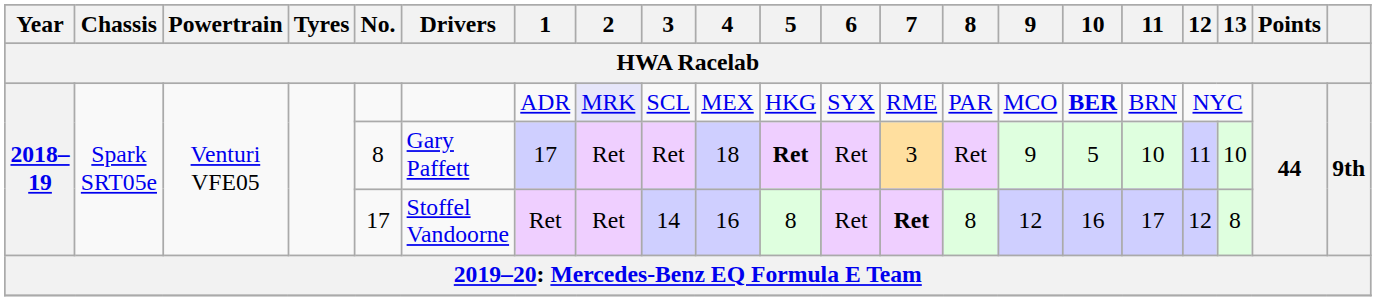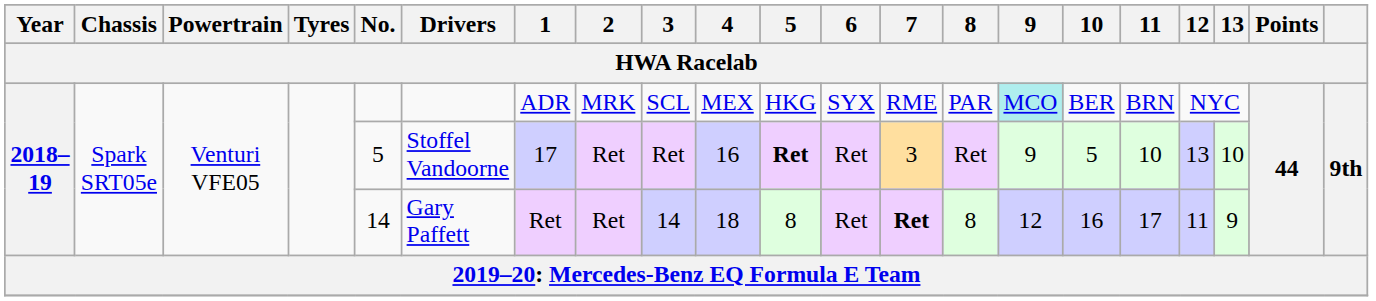 <table class="wikitable" style="font-size: 85%; text-align:center;">
 <tr valign="top">
 <th valign="middle">Year</th>
 <th valign="middle">Chassis</th>
 <th valign="middle">Powertrain</th>
 <th valign="middle">Tyres</th>
 <th valign="middle">No.</th>
 <th valign="middle">Drivers</th>
 <th style="width:26px;">1</th>
 <th style="width:26px;">2</th>
 <th style="width:26px;">3</th>
 <th style="width:26px;">4</th>
 <th style="width:26px;">5</th>
 <th style="width:26px;">6</th>
 <th style="width:26px;">7</th>
 <th style="width:26px;">8</th>
 <th style="width:26px;">9</th>
 <th style="width:26px;">10</th>
 <th style="width:26px;">11</th>
 <th style="width:26px;">12</th>
 <th style="width:26px;">13</th>
 <th valign="middle">Points</th>
 <th></th>
 </tr>
 <tr>
 <th colspan=21>HWA Racelab</th>
 </tr>
 <tr>
 <th rowspan=3><a href='#'>2018–19</a></th>
 <td rowspan=3><a href='#'>Spark</a> <a href='#'>SRT05e</a></td>
 <td rowspan=3><a href='#'>Venturi</a> VFE05</td>
 <td rowspan=3></td>
 <td></td>
 <td></td>
 <td><a href='#'>ADR</a></td>
-<td style="background: lavender;"><a href='#'>MRK</a></td>
+<td><a href='#'>MRK</a></td>
 <td><a href='#'>SCL</a></td>
 <td><a href='#'>MEX</a></td>
 <td><a href='#'>HKG</a></td>
 <td><a href='#'>SYX</a></td>
 <td><a href='#'>RME</a></td>
 <td><a href='#'>PAR</a></td>
-<td><a href='#'>MCO</a></td>
-<td><strong><a href='#'>BER</a></strong></td>
+<td style="background: paleturquoise;"><a href='#'>MCO</a></td>
+<td><a href='#'>BER</a></td>
 <td><a href='#'>BRN</a></td>
 <td colspan=2><a href='#'>NYC</a></td>
 <th rowspan=3>44</th>
 <th rowspan=3>9th</th>
 </tr>
 <tr>
-<td>8</td>
-<td align="left"> <a href='#'>Gary Paffett</a></td>
+<td>5</td>
+<td align="left"> <a href='#'>Stoffel Vandoorne</a></td>
 <td style="background:#CFCFFF;">17</td>
 <td style="background:#EFCFFF;">Ret</td>
 <td style="background:#EFCFFF;">Ret</td>
-<td style="background:#CFCFFF;">18</td>
+<td style="background:#CFCFFF;">16</td>
 <td style="background:#EFCFFF;"><strong>Ret</strong></td>
 <td style="background:#EFCFFF;">Ret</td>
 <td style="background:#FFDF9F;">3</td>
 <td style="background:#EFCFFF;">Ret</td>
 <td style="background:#DFFFDF;">9</td>
 <td style="background:#DFFFDF;">5</td>
 <td style="background:#DFFFDF;">10</td>
-<td style="background:#CFCFFF;">11</td>
+<td style="background:#CFCFFF;">13</td>
 <td style="background:#DFFFDF;">10</td>
 </tr>
 <tr>
-<td>17</td>
-<td align="left"> <a href='#'>Stoffel Vandoorne</a></td>
+<td>14</td>
+<td align="left"> <a href='#'>Gary Paffett</a></td>
 <td style="background:#EFCFFF;">Ret</td>
 <td style="background:#EFCFFF;">Ret</td>
 <td style="background:#CFCFFF;">14</td>
-<td style="background:#CFCFFF;">16</td>
+<td style="background:#CFCFFF;">18</td>
 <td style="background:#DFFFDF;">8</td>
 <td style="background:#EFCFFF;">Ret</td>
 <td style="background:#EFCFFF;"><strong>Ret</strong></td>
 <td style="background:#DFFFDF;">8</td>
 <td style="background:#CFCFFF;">12</td>
 <td style="background:#CFCFFF;">16</td>
 <td style="background:#CFCFFF;">17</td>
-<td style="background:#CFCFFF;">12</td>
-<td style="background:#DFFFDF;">8</td>
+<td style="background:#CFCFFF;">11</td>
+<td style="background:#DFFFDF;">9</td>
 </tr>
 <tr>
 <th colspan=21><a href='#'>2019–20</a>: <a href='#'>Mercedes-Benz EQ Formula E Team</a></th>
 </tr>
 <tr>
 </tr>
 </table>
